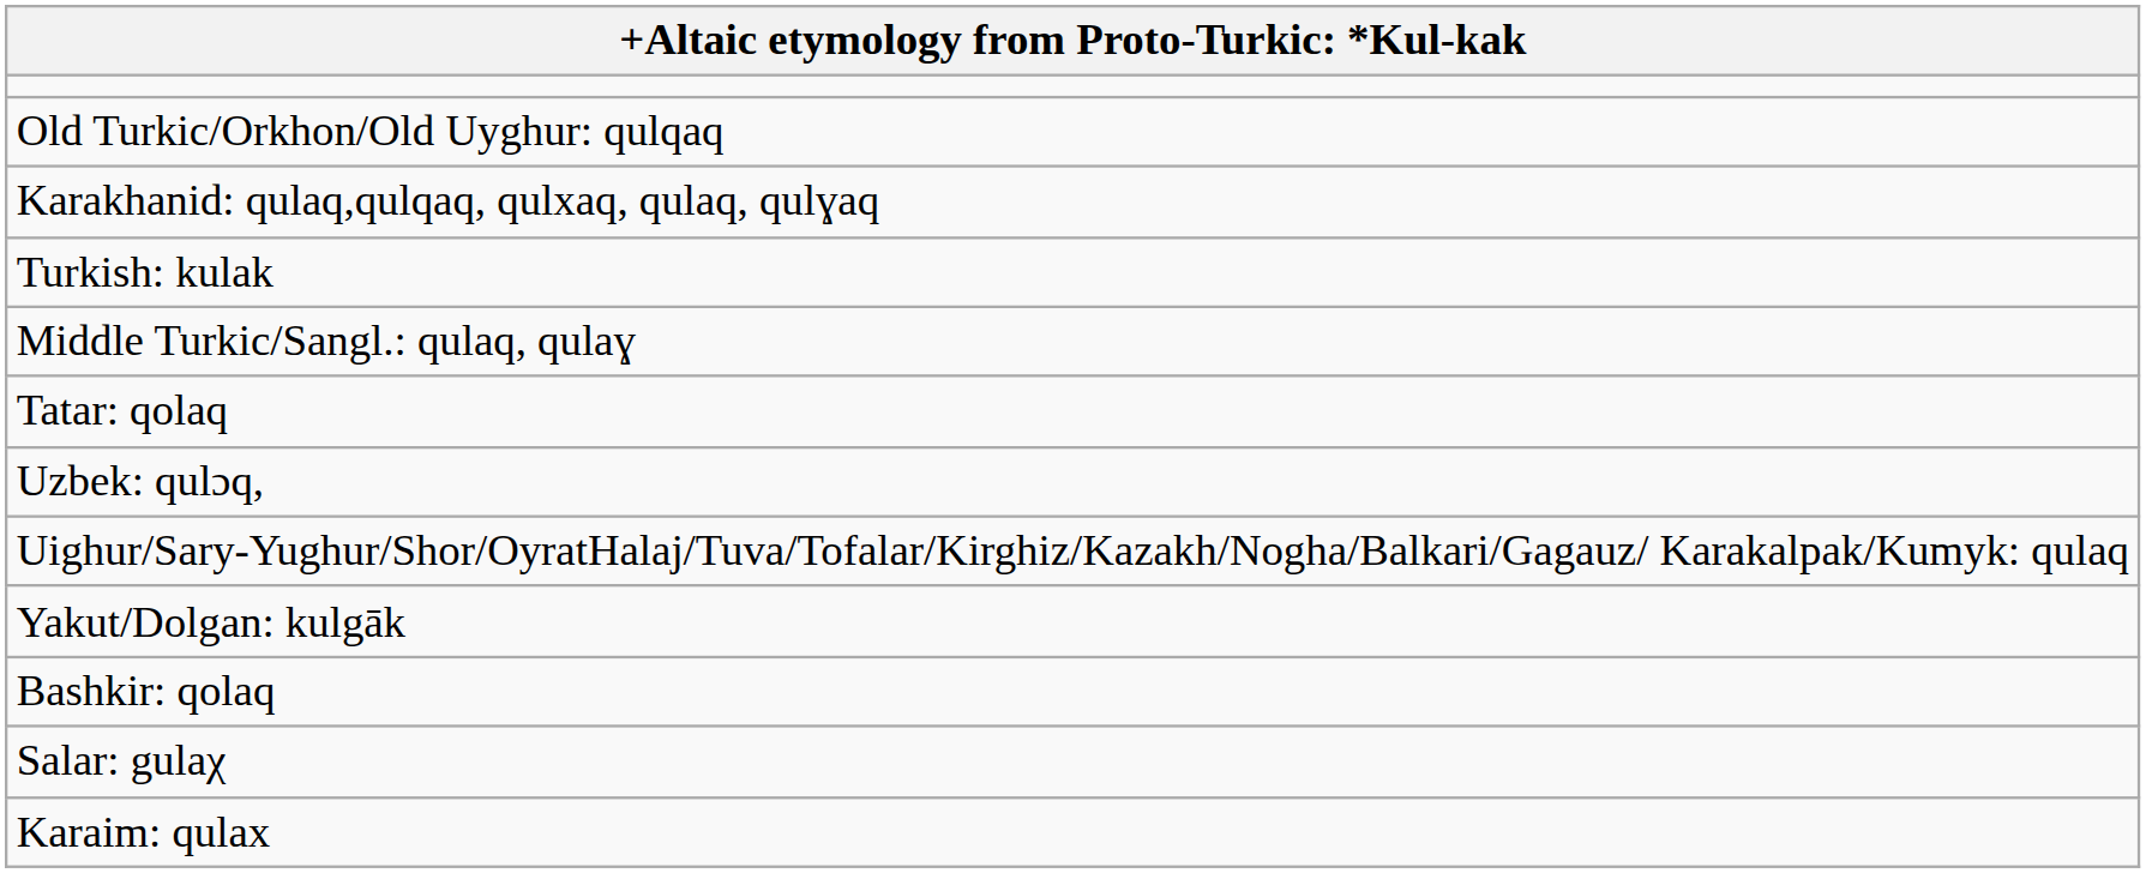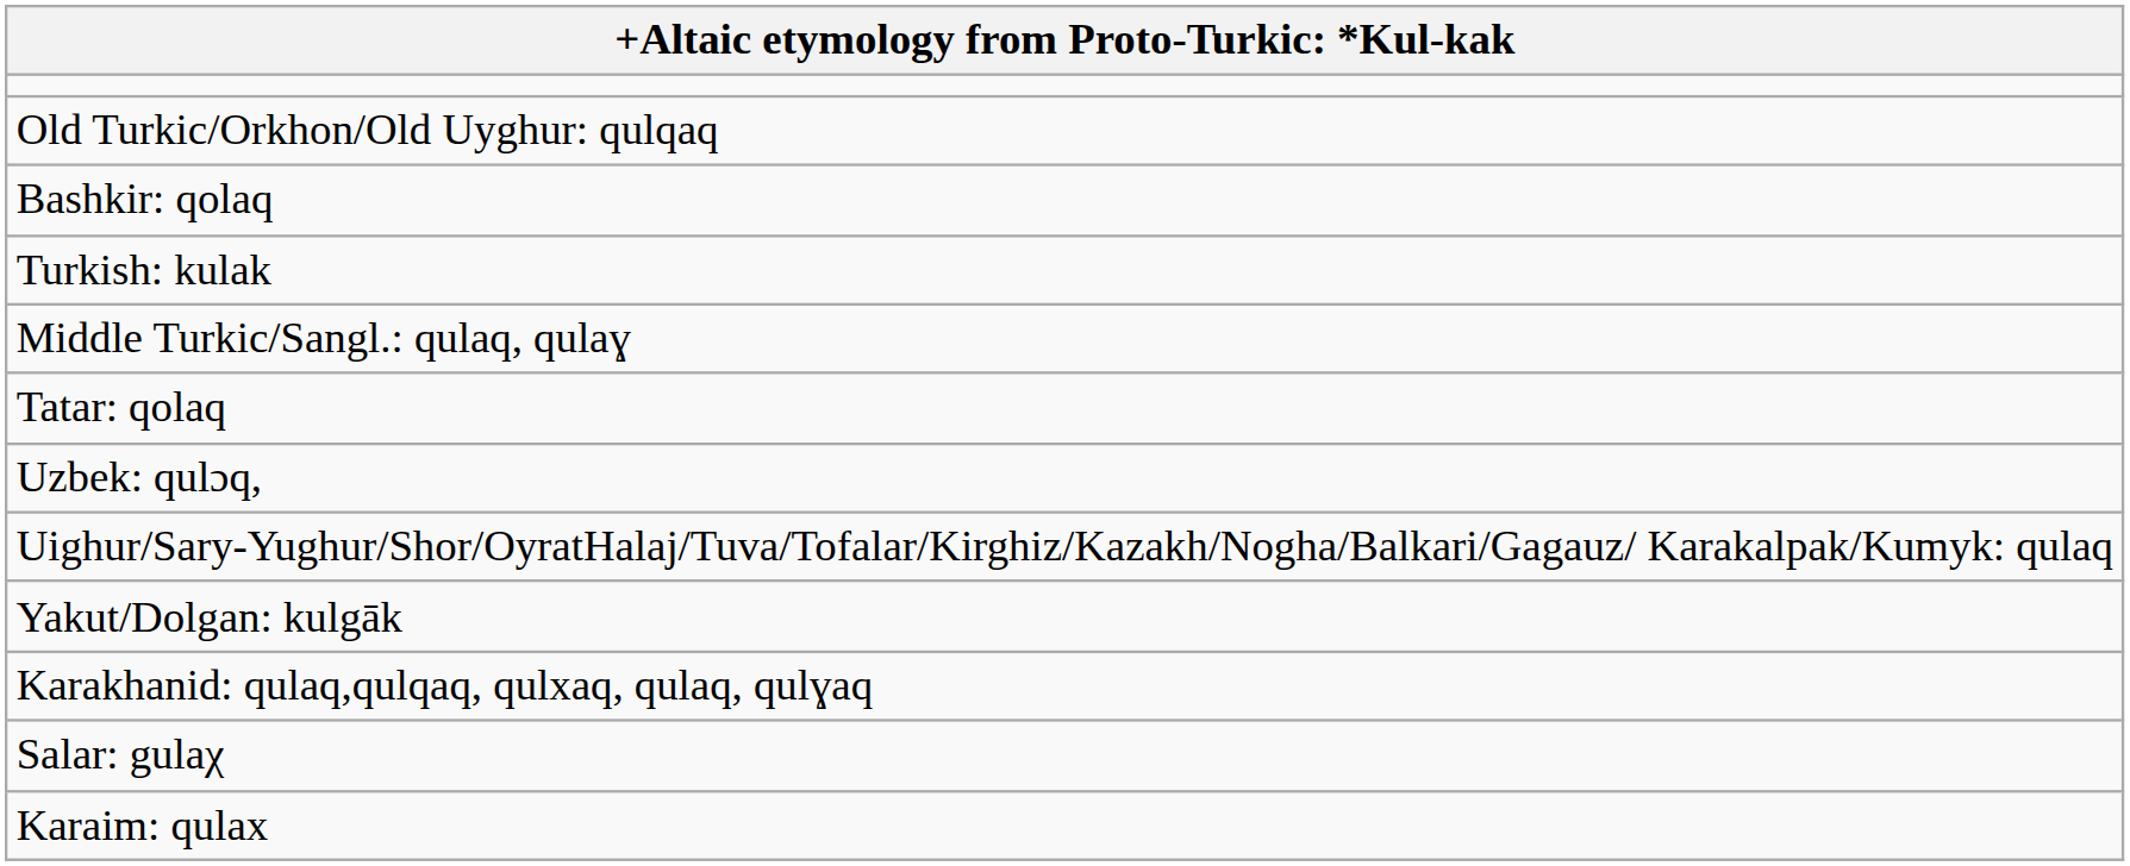 <table class="wikitable mw-collapsible mw-collapsed mw-floatright">
 <tr>
 <th>+Altaic etymology from Proto-Turkic: *Kul-kak</th>
 </tr>
 <tr>
 <td><strong></strong></td>
 </tr>
 <tr>
 <td>Old Turkic/Orkhon/Old Uyghur: qulqaq</td>
 </tr>
 <tr>
-<td>Karakhanid: qulaq,qulqaq, qulxaq, qulaq, qulɣaq</td>
+<td>Bashkir: qolaq</td>
 </tr>
 <tr>
 <td>Turkish: kulak</td>
 </tr>
 <tr>
 <td>Middle Turkic/Sangl.: qulaq, qulaɣ</td>
 </tr>
 <tr>
 <td>Tatar: qolaq</td>
 </tr>
 <tr>
 <td>Uzbek: qulɔq,</td>
 </tr>
 <tr>
 <td>Uighur/Sary-Yughur/Shor/OyratHalaj/Tuva/Tofalar/Kirghiz/Kazakh/Nogha/Balkari/Gagauz/ Karakalpak/Kumyk: qulaq</td>
 </tr>
 <tr>
 <td>Yakut/Dolgan: kulgāk</td>
 </tr>
 <tr>
-<td>Bashkir: qolaq</td>
+<td>Karakhanid: qulaq,qulqaq, qulxaq, qulaq, qulɣaq</td>
 </tr>
 <tr>
 <td>Salar: gulaχ</td>
 </tr>
 <tr>
 <td>Karaim: qulax</td>
 </tr>
 </table>
